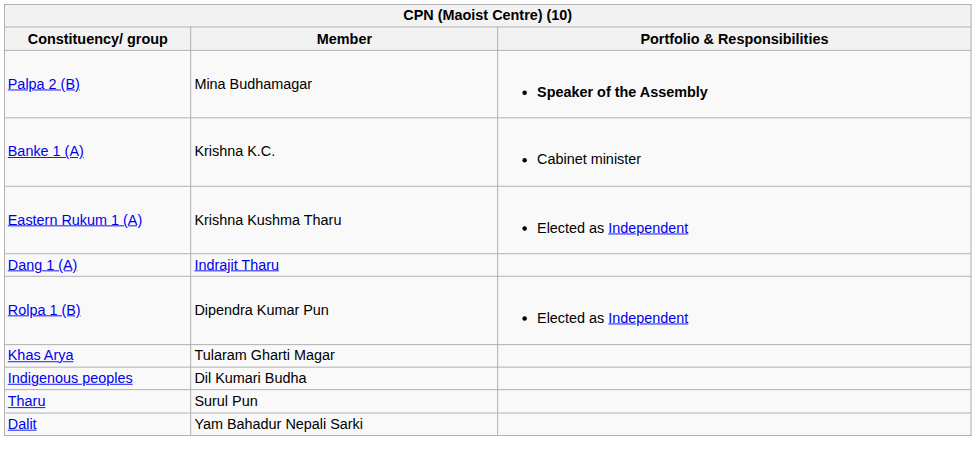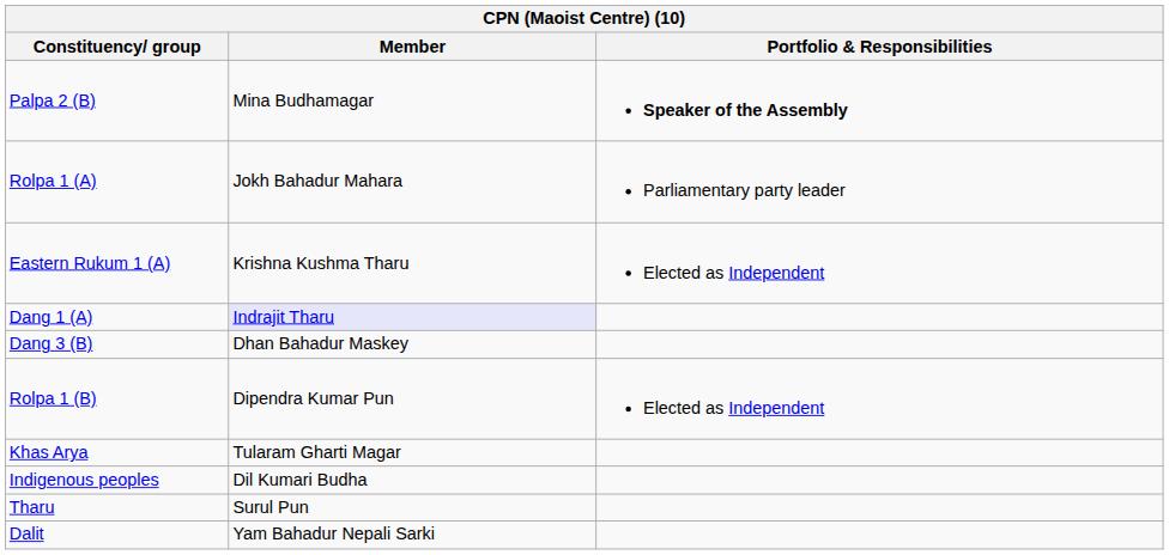 <table class="wikitable sortable">
 <tr>
 <th colspan="3" style="width: 800pt; background:">CPN (Maoist Centre) (10)</th>
 </tr>
 <tr>
 <th style="width:150pt;">Constituency/ group</th>
 <th style="width:250pt;">Member</th>
 <th>Portfolio & Responsibilities</th>
 </tr>
 <tr>
 <td><a href='#'>Palpa 2 (B)</a></td>
 <td>Mina Budhamagar</td>
 <td><strong><br><ul><li>Speaker of the Assembly</li></ul></strong></td>
 </tr>
 <tr>
-<td><a href='#'>Banke 1 (A)</a></td>
-<td>Krishna K.C.</td>
-<td><br><ul><li>Cabinet minister</li></ul></td>
+<td><a href='#'>Rolpa 1 (A)</a></td>
+<td>Jokh Bahadur Mahara</td>
+<td><br><ul><li>Parliamentary party leader</li></ul></td>
 </tr>
 <tr>
 <td><a href='#'>Eastern Rukum 1 (A)</a></td>
 <td>Krishna Kushma Tharu</td>
 <td><br><ul><li>Elected as <a href='#'>Independent</a></li></ul></td>
 </tr>
 <tr>
 <td><a href='#'>Dang 1 (A)</a></td>
-<td><a href='#'>Indrajit Tharu</a></td>
+<td style="background: lavender;"><a href='#'>Indrajit Tharu</a></td>
+<td></td>
+</tr>
+<tr>
+<td><a href='#'>Dang 3 (B)</a></td>
+<td>Dhan Bahadur Maskey</td>
 <td></td>
 </tr>
 <tr>
 <td><a href='#'>Rolpa 1 (B)</a></td>
 <td>Dipendra Kumar Pun</td>
 <td><br><ul><li>Elected as <a href='#'>Independent</a></li></ul></td>
 </tr>
 <tr>
 <td><a href='#'>Khas Arya</a></td>
 <td>Tularam Gharti Magar</td>
 <td></td>
 </tr>
 <tr>
 <td><a href='#'>Indigenous peoples</a></td>
 <td>Dil Kumari Budha</td>
 <td></td>
 </tr>
 <tr>
 <td><a href='#'>Tharu</a></td>
 <td>Surul Pun</td>
 <td></td>
 </tr>
 <tr>
 <td><a href='#'>Dalit</a></td>
 <td>Yam Bahadur Nepali Sarki</td>
 <td></td>
 </tr>
 </table>
